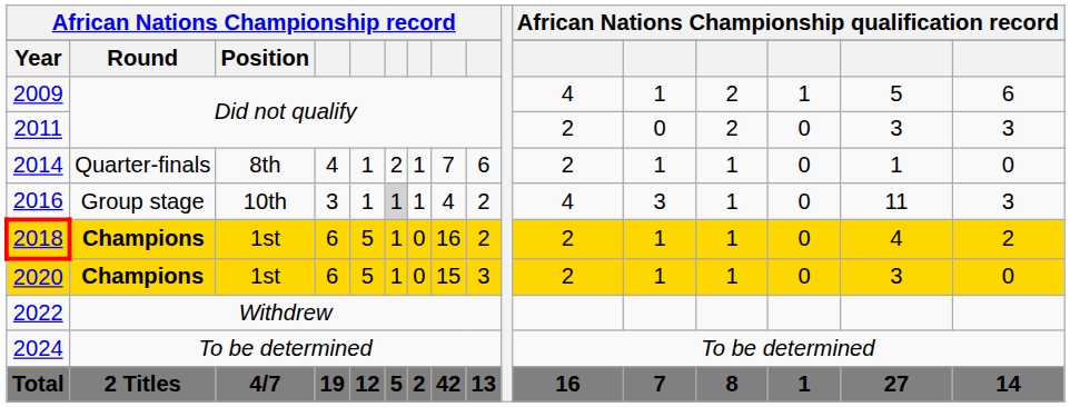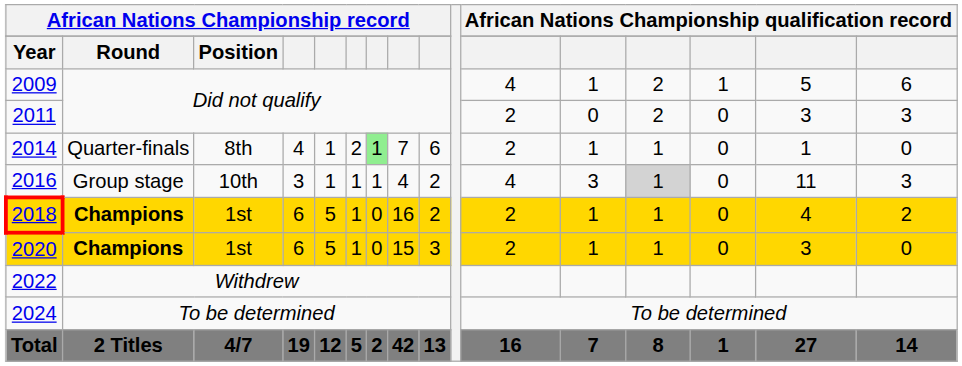 <table class="wikitable" style="text-align: center;">
 <tr>
 <th colspan=9><a href='#'>African Nations Championship record</a></th>
 <th style="width:1%;" rowspan="12"></th>
 <th colspan=6>African Nations Championship qualification record</th>
 </tr>
 <tr>
 </tr>
 <tr>
 <th>Year</th>
 <th>Round</th>
 <th>Position</th>
 <th></th>
 <th></th>
 <th></th>
 <th></th>
 <th></th>
 <th></th>
 <th></th>
 <th></th>
 <th></th>
 <th></th>
 <th></th>
 <th></th>
 </tr>
 <tr>
 <td> <a href='#'>2009</a></td>
 <td colspan=8 rowspan=2><em>Did not qualify</em></td>
 <td>4</td>
 <td>1</td>
 <td>2</td>
 <td>1</td>
 <td>5</td>
 <td>6</td>
 </tr>
 <tr>
 <td> <a href='#'>2011</a></td>
 <td>2</td>
 <td>0</td>
 <td>2</td>
 <td>0</td>
 <td>3</td>
 <td>3</td>
 </tr>
 <tr>
 <td> <a href='#'>2014</a></td>
 <td>Quarter-finals</td>
 <td>8th</td>
 <td>4</td>
 <td>1</td>
 <td>2</td>
-<td>1</td>
+<td style="background: lightgreen;">1</td>
 <td>7</td>
 <td>6</td>
 <td>2</td>
 <td>1</td>
 <td>1</td>
 <td>0</td>
 <td>1</td>
 <td>0</td>
 </tr>
 <tr>
 <td> <a href='#'>2016</a></td>
 <td>Group stage</td>
 <td>10th</td>
 <td>3</td>
 <td>1</td>
-<td style="background: lightgrey;">1</td>
+<td>1</td>
 <td>1</td>
 <td>4</td>
 <td>2</td>
 <td>4</td>
 <td>3</td>
-<td>1</td>
+<td style="background: lightgrey;">1</td>
 <td>0</td>
 <td>11</td>
 <td>3</td>
 </tr>
 <tr bgcolor="gold">
 <td style="border: 3px solid red"> <a href='#'>2018</a></td>
 <td><strong>Champions</strong></td>
 <td>1st</td>
 <td>6</td>
 <td>5</td>
 <td>1</td>
 <td>0</td>
 <td>16</td>
 <td>2</td>
 <td>2</td>
 <td>1</td>
 <td>1</td>
 <td>0</td>
 <td>4</td>
 <td>2</td>
 </tr>
 <tr bgcolor="gold">
 <td> <a href='#'>2020</a></td>
 <td><strong>Champions</strong></td>
 <td>1st</td>
 <td>6</td>
 <td>5</td>
 <td>1</td>
 <td>0</td>
 <td>15</td>
 <td>3</td>
 <td>2</td>
 <td>1</td>
 <td>1</td>
 <td>0</td>
 <td>3</td>
 <td>0</td>
 </tr>
 <tr>
 <td> <a href='#'>2022</a></td>
 <td colspan=8><em>Withdrew</em></td>
 <td></td>
 <td></td>
 <td></td>
 <td></td>
 <td></td>
 <td></td>
 </tr>
 <tr>
 <td> <a href='#'>2024</a></td>
 <td colspan=8><em>To be determined</em></td>
 <td colspan=6><em>To be determined</em></td>
 </tr>
 <tr bgcolor=grey>
 <td><strong>Total</strong></td>
 <td><strong>2 Titles</strong></td>
 <td><strong>4/7</strong></td>
 <td><strong>19</strong></td>
 <td><strong>12</strong></td>
 <td><strong>5</strong></td>
 <td><strong>2</strong></td>
 <td><strong>42</strong></td>
 <td><strong>13</strong></td>
 <td><strong>16</strong></td>
 <td><strong>7</strong></td>
 <td><strong>8</strong></td>
 <td><strong>1</strong></td>
 <td><strong>27</strong></td>
 <td><strong>14</strong></td>
 </tr>
 </table>
